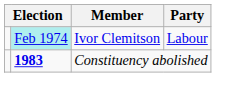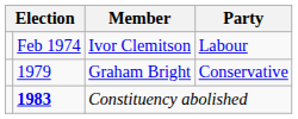 <table class="wikitable">
 <tr>
 <th colspan="2">Election</th>
 <th>Member</th>
 <th>Party</th>
 </tr>
 <tr>
 <td style="color:inherit;background-color: "></td>
-<td style="background: paleturquoise;"><a href='#'>Feb 1974</a></td>
+<td><a href='#'>Feb 1974</a></td>
 <td><a href='#'>Ivor Clemitson</a></td>
 <td><a href='#'>Labour</a></td>
+</tr>
+<tr>
+<td style="color:inherit;background-color: "></td>
+<td><a href='#'>1979</a></td>
+<td><a href='#'>Graham Bright</a></td>
+<td><a href='#'>Conservative</a></td>
 </tr>
 <tr>
 <td></td>
 <td><strong><a href='#'>1983</a></strong></td>
 <td colspan="2"><em>Constituency abolished</em></td>
 </tr>
 </table>
